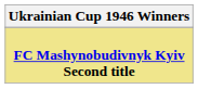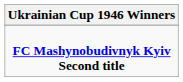 <table class="wikitable" style="text-align: center; margin: 0 auto;">
 <tr>
 <th>Ukrainian Cup 1946 Winners</th>
 </tr>
 <tr>
 </tr>
 <tr>
-<td style="background: khaki;"><br><strong><a href='#'>FC Mashynobudivnyk Kyiv</a></strong><br><strong>Second title</strong></td>
+<td><br><strong><a href='#'>FC Mashynobudivnyk Kyiv</a></strong><br><strong>Second title</strong></td>
 </tr>
 </table>
